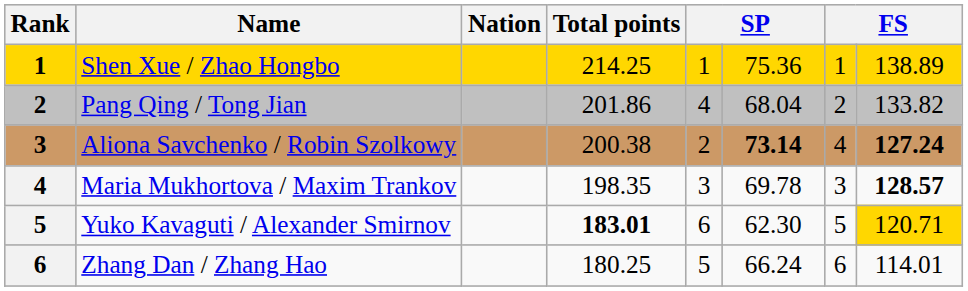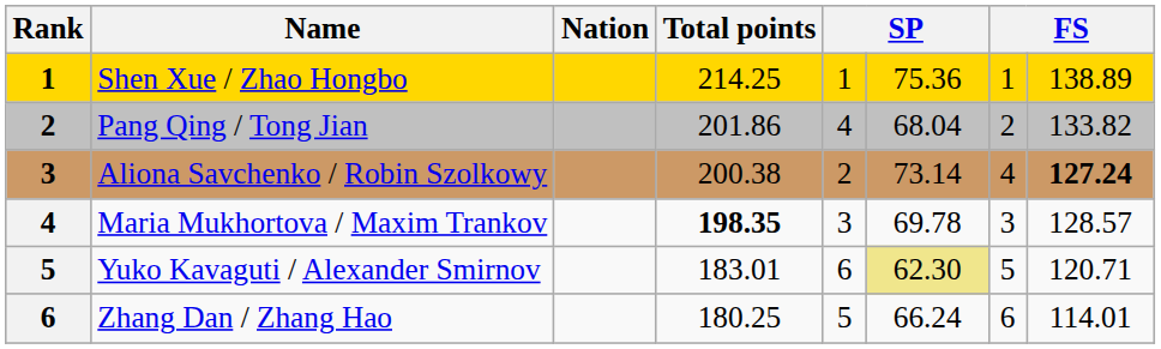 <table class="wikitable sortable">
 <tr>
 <th>Rank</th>
 <th>Name</th>
 <th>Nation</th>
 <th>Total points</th>
 <th colspan="2" width="80px"><a href='#'>SP</a></th>
 <th colspan="2" width="80px"><a href='#'>FS</a></th>
 </tr>
 <tr bgcolor="gold">
 <td align="center"><strong>1</strong></td>
 <td><a href='#'>Shen Xue</a> / <a href='#'>Zhao Hongbo</a></td>
 <td></td>
 <td align="center">214.25</td>
 <td align="center">1</td>
 <td align="center">75.36</td>
 <td align="center">1</td>
 <td align="center">138.89</td>
 </tr>
 <tr bgcolor="silver">
 <td align="center"><strong>2</strong></td>
 <td><a href='#'>Pang Qing</a> / <a href='#'>Tong Jian</a></td>
 <td></td>
 <td align="center">201.86</td>
 <td align="center">4</td>
 <td align="center">68.04</td>
 <td align="center">2</td>
 <td align="center">133.82</td>
 </tr>
 <tr bgcolor="cc9966">
 <td align="center"><strong>3</strong></td>
 <td><a href='#'>Aliona Savchenko</a> / <a href='#'>Robin Szolkowy</a></td>
 <td></td>
 <td align="center">200.38</td>
 <td align="center">2</td>
-<td align="center"><strong>73.14</strong></td>
+<td align="center">73.14</td>
 <td align="center">4</td>
 <td align="center"><strong>127.24</strong></td>
 </tr>
 <tr>
 <th>4</th>
 <td><a href='#'>Maria Mukhortova</a> / <a href='#'>Maxim Trankov</a></td>
 <td></td>
-<td align="center">198.35</td>
+<td align="center"><strong>198.35</strong></td>
 <td align="center">3</td>
 <td align="center">69.78</td>
 <td align="center">3</td>
-<td align="center"><strong>128.57</strong></td>
+<td align="center">128.57</td>
 </tr>
 <tr>
 <th>5</th>
 <td><a href='#'>Yuko Kavaguti</a> / <a href='#'>Alexander Smirnov</a></td>
 <td></td>
-<td align="center"><strong>183.01</strong></td>
+<td align="center">183.01</td>
 <td align="center">6</td>
-<td align="center">62.30</td>
+<td align="center" style="background: khaki;">62.30</td>
 <td align="center">5</td>
-<td align="center" style="background: gold;">120.71</td>
+<td align="center">120.71</td>
 </tr>
 <tr>
 <th>6</th>
 <td><a href='#'>Zhang Dan</a> / <a href='#'>Zhang Hao</a></td>
 <td></td>
 <td align="center">180.25</td>
 <td align="center">5</td>
 <td align="center">66.24</td>
 <td align="center">6</td>
 <td align="center">114.01</td>
 </tr>
 </table>
